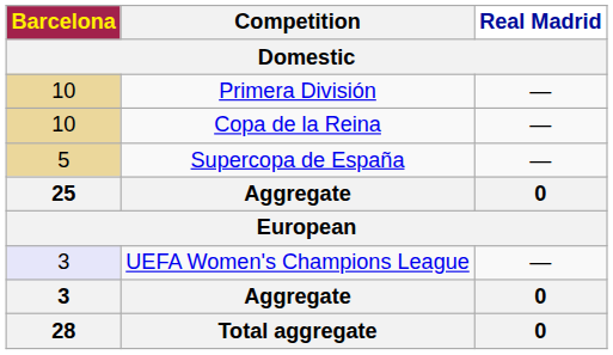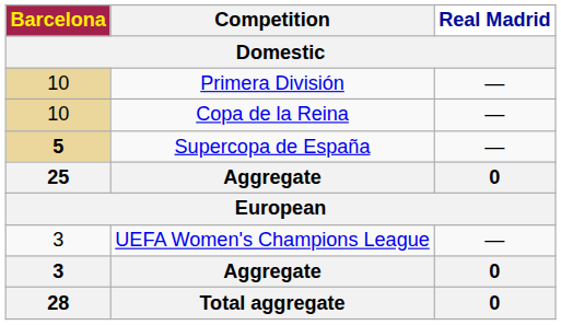 <table class="wikitable sortable" style="width:auto; margin:auto;">
 <tr>
 <th style="color:#fff000; background-color:#A2214B;">Barcelona</th>
 <th>Competition</th>
 <th style="color:#000c99; background-color:#fff;">Real Madrid</th>
 </tr>
 <tr style="text-align:center;">
 <th colspan="4">Domestic</th>
 </tr>
 <tr style="text-align:center;">
 <td style=background:#EBD79B>10</td>
 <td><a href='#'>Primera División</a></td>
 <td>—</td>
 </tr>
 <tr style="text-align:center;">
 <td style=background:#EBD79B>10</td>
 <td><a href='#'>Copa de la Reina</a></td>
 <td>—</td>
 </tr>
 <tr style="text-align:center;">
-<td style=background:#EBD79B>5</td>
+<td style=background:#EBD79B><strong>5</strong></td>
 <td><a href='#'>Supercopa de España</a></td>
 <td>—</td>
 </tr>
 <tr align="center">
 <th>25</th>
 <th>Aggregate</th>
 <th>0</th>
 </tr>
 <tr style="text-align:center;">
 <th colspan="4">European</th>
 </tr>
 <tr style="text-align:center;">
-<td style="background: lavender;">3</td>
+<td>3</td>
 <td><a href='#'>UEFA Women's Champions League</a></td>
 <td>—</td>
 </tr>
 <tr align="center">
 <th>3</th>
 <th>Aggregate</th>
 <th>0</th>
 </tr>
 <tr align="center">
 <th>28</th>
 <th>Total aggregate</th>
 <th>0</th>
 </tr>
 </table>
